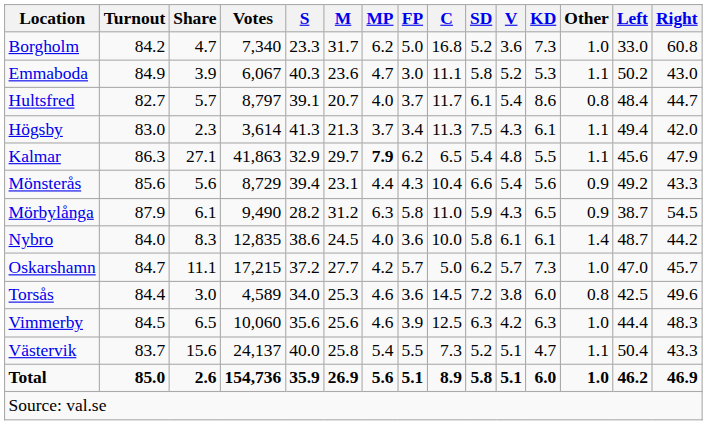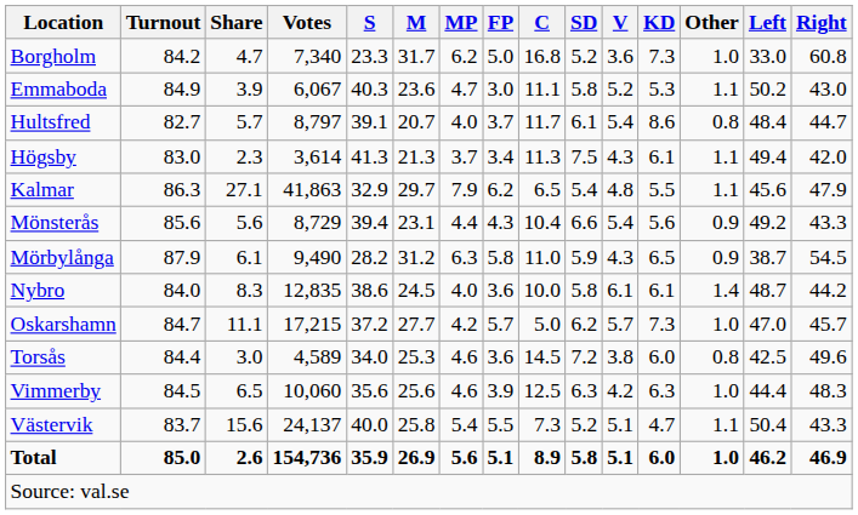 <table class="wikitable sortable" style=text-align:right>
 <tr>
 <th>Location</th>
 <th>Turnout</th>
 <th>Share</th>
 <th>Votes</th>
 <th><a href='#'>S</a></th>
 <th><a href='#'>M</a></th>
 <th><a href='#'>MP</a></th>
 <th><a href='#'>FP</a></th>
 <th><a href='#'>C</a></th>
 <th><a href='#'>SD</a></th>
 <th><a href='#'>V</a></th>
 <th><a href='#'>KD</a></th>
 <th>Other</th>
 <th><a href='#'>Left</a></th>
 <th><a href='#'>Right</a></th>
 </tr>
 <tr>
 <td align=left><a href='#'>Borgholm</a></td>
 <td>84.2</td>
 <td>4.7</td>
 <td>7,340</td>
 <td>23.3</td>
 <td>31.7</td>
 <td>6.2</td>
 <td>5.0</td>
 <td>16.8</td>
 <td>5.2</td>
 <td>3.6</td>
 <td>7.3</td>
 <td>1.0</td>
 <td>33.0</td>
 <td>60.8</td>
 </tr>
 <tr>
 <td align=left><a href='#'>Emmaboda</a></td>
 <td>84.9</td>
 <td>3.9</td>
 <td>6,067</td>
 <td>40.3</td>
 <td>23.6</td>
 <td>4.7</td>
 <td>3.0</td>
 <td>11.1</td>
 <td>5.8</td>
 <td>5.2</td>
 <td>5.3</td>
 <td>1.1</td>
 <td>50.2</td>
 <td>43.0</td>
 </tr>
 <tr>
 <td align=left><a href='#'>Hultsfred</a></td>
 <td>82.7</td>
 <td>5.7</td>
 <td>8,797</td>
 <td>39.1</td>
 <td>20.7</td>
 <td>4.0</td>
 <td>3.7</td>
 <td>11.7</td>
 <td>6.1</td>
 <td>5.4</td>
 <td>8.6</td>
 <td>0.8</td>
 <td>48.4</td>
 <td>44.7</td>
 </tr>
 <tr>
 <td align=left><a href='#'>Högsby</a></td>
 <td>83.0</td>
 <td>2.3</td>
 <td>3,614</td>
 <td>41.3</td>
 <td>21.3</td>
 <td>3.7</td>
 <td>3.4</td>
 <td>11.3</td>
 <td>7.5</td>
 <td>4.3</td>
 <td>6.1</td>
 <td>1.1</td>
 <td>49.4</td>
 <td>42.0</td>
 </tr>
 <tr>
 <td align=left><a href='#'>Kalmar</a></td>
 <td>86.3</td>
 <td>27.1</td>
 <td>41,863</td>
 <td>32.9</td>
 <td>29.7</td>
-<td><strong>7.9</strong></td>
+<td>7.9</td>
 <td>6.2</td>
 <td>6.5</td>
 <td>5.4</td>
 <td>4.8</td>
 <td>5.5</td>
 <td>1.1</td>
 <td>45.6</td>
 <td>47.9</td>
 </tr>
 <tr>
 <td align=left><a href='#'>Mönsterås</a></td>
 <td>85.6</td>
 <td>5.6</td>
 <td>8,729</td>
 <td>39.4</td>
 <td>23.1</td>
 <td>4.4</td>
 <td>4.3</td>
 <td>10.4</td>
 <td>6.6</td>
 <td>5.4</td>
 <td>5.6</td>
 <td>0.9</td>
 <td>49.2</td>
 <td>43.3</td>
 </tr>
 <tr>
 <td align=left><a href='#'>Mörbylånga</a></td>
 <td>87.9</td>
 <td>6.1</td>
 <td>9,490</td>
 <td>28.2</td>
 <td>31.2</td>
 <td>6.3</td>
 <td>5.8</td>
 <td>11.0</td>
 <td>5.9</td>
 <td>4.3</td>
 <td>6.5</td>
 <td>0.9</td>
 <td>38.7</td>
 <td>54.5</td>
 </tr>
 <tr>
 <td align=left><a href='#'>Nybro</a></td>
 <td>84.0</td>
 <td>8.3</td>
 <td>12,835</td>
 <td>38.6</td>
 <td>24.5</td>
 <td>4.0</td>
 <td>3.6</td>
 <td>10.0</td>
 <td>5.8</td>
 <td>6.1</td>
 <td>6.1</td>
 <td>1.4</td>
 <td>48.7</td>
 <td>44.2</td>
 </tr>
 <tr>
 <td align=left><a href='#'>Oskarshamn</a></td>
 <td>84.7</td>
 <td>11.1</td>
 <td>17,215</td>
 <td>37.2</td>
 <td>27.7</td>
 <td>4.2</td>
 <td>5.7</td>
 <td>5.0</td>
 <td>6.2</td>
 <td>5.7</td>
 <td>7.3</td>
 <td>1.0</td>
 <td>47.0</td>
 <td>45.7</td>
 </tr>
 <tr>
 <td align=left><a href='#'>Torsås</a></td>
 <td>84.4</td>
 <td>3.0</td>
 <td>4,589</td>
 <td>34.0</td>
 <td>25.3</td>
 <td>4.6</td>
 <td>3.6</td>
 <td>14.5</td>
 <td>7.2</td>
 <td>3.8</td>
 <td>6.0</td>
 <td>0.8</td>
 <td>42.5</td>
 <td>49.6</td>
 </tr>
 <tr>
 <td align=left><a href='#'>Vimmerby</a></td>
 <td>84.5</td>
 <td>6.5</td>
 <td>10,060</td>
 <td>35.6</td>
 <td>25.6</td>
 <td>4.6</td>
 <td>3.9</td>
 <td>12.5</td>
 <td>6.3</td>
 <td>4.2</td>
 <td>6.3</td>
 <td>1.0</td>
 <td>44.4</td>
 <td>48.3</td>
 </tr>
 <tr>
 <td align=left><a href='#'>Västervik</a></td>
 <td>83.7</td>
 <td>15.6</td>
 <td>24,137</td>
 <td>40.0</td>
 <td>25.8</td>
 <td>5.4</td>
 <td>5.5</td>
 <td>7.3</td>
 <td>5.2</td>
 <td>5.1</td>
 <td>4.7</td>
 <td>1.1</td>
 <td>50.4</td>
 <td>43.3</td>
 </tr>
 <tr>
 <td align=left><strong>Total</strong></td>
 <td><strong>85.0</strong></td>
 <td><strong>2.6</strong></td>
 <td><strong>154,736</strong></td>
 <td><strong>35.9</strong></td>
 <td><strong>26.9</strong></td>
 <td><strong>5.6</strong></td>
 <td><strong>5.1</strong></td>
 <td><strong>8.9</strong></td>
 <td><strong>5.8</strong></td>
 <td><strong>5.1</strong></td>
 <td><strong>6.0</strong></td>
 <td><strong>1.0</strong></td>
 <td><strong>46.2</strong></td>
 <td><strong>46.9</strong></td>
 </tr>
 <tr>
 <td align=left colspan=15>Source: val.se </td>
 </tr>
 </table>
